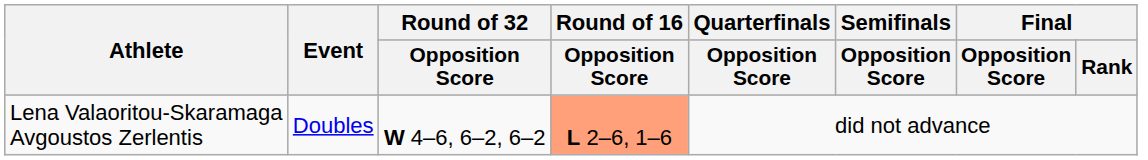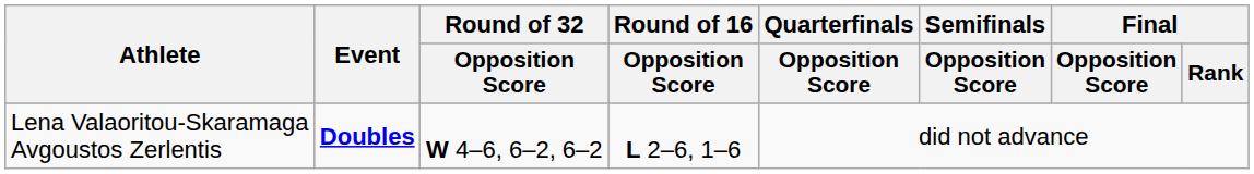 <table class=wikitable style="font-size:90%">
 <tr>
 <th rowspan=2>Athlete</th>
 <th rowspan=2>Event</th>
 <th>Round of 32</th>
 <th>Round of 16</th>
 <th>Quarterfinals</th>
 <th>Semifinals</th>
 <th colspan=2>Final</th>
 </tr>
 <tr style="font-size:95%">
 <th>Opposition<br>Score</th>
 <th>Opposition<br>Score</th>
 <th>Opposition<br>Score</th>
 <th>Opposition<br>Score</th>
 <th>Opposition<br>Score</th>
 <th>Rank</th>
 </tr>
 <tr align=center>
 <td align=left>Lena Valaoritou-Skaramaga <br> Avgoustos Zerlentis</td>
-<td align=left><a href='#'>Doubles</a></td>
+<td align=left><strong><a href='#'>Doubles</a></strong></td>
 <td> <br> <strong>W</strong> 4–6, 6–2, 6–2</td>
-<td style="background: lightsalmon;"> <br> <strong>L</strong> 2–6, 1–6</td>
+<td> <br> <strong>L</strong> 2–6, 1–6</td>
 <td colspan=4>did not advance</td>
 </tr>
 </table>
